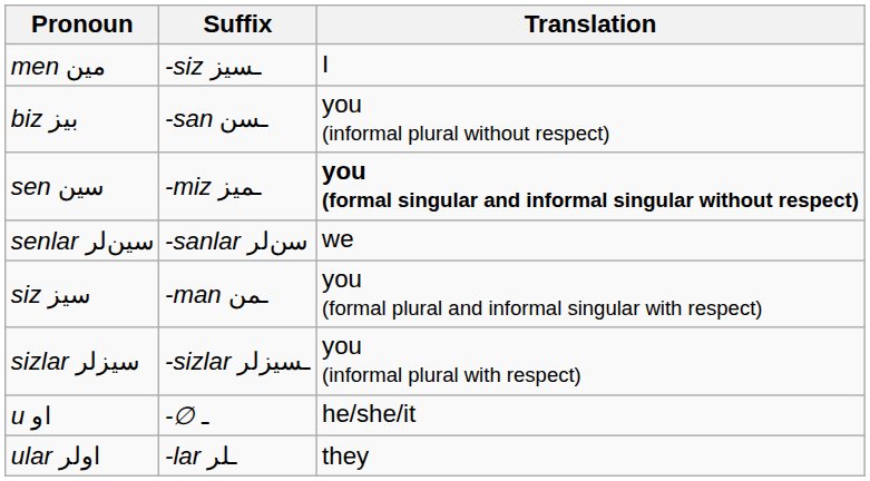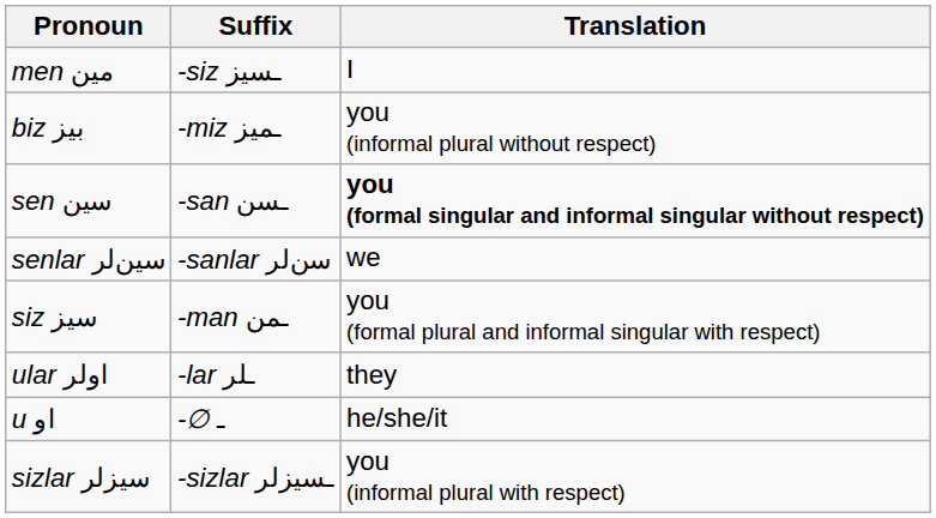 <table class="wikitable">
 <tr>
 <th>Pronoun</th>
 <th>Suffix</th>
 <th>Translation</th>
 </tr>
 <tr>
 <td><em>men</em> مین</td>
 <td><em>-siz</em> ـسیز</td>
 <td>I</td>
 </tr>
 <tr>
 <td><em>biz</em> بیز</td>
-<td><em>-san</em> ـسن</td>
+<td><em>-miz</em> ـمیز</td>
 <td>you<br><small>(informal plural without respect)</small></td>
 </tr>
 <tr>
 <td><em>sen</em> سین</td>
-<td><em>-miz</em> ـمیز</td>
+<td><em>-san</em> ـسن</td>
 <td><strong>you<br><small>(formal singular and informal singular without respect)</small></strong></td>
 </tr>
 <tr>
 <td><em>senlar</em> سین‌لر</td>
 <td><em>-sanlar</em> سن‌لر</td>
 <td>we</td>
 </tr>
 <tr>
 <td><em>siz</em> سیز</td>
 <td><em>-man</em> ـمن</td>
 <td>you<br><small>(formal plural and informal singular with respect)</small></td>
 </tr>
 <tr>
-<td><em>sizlar</em> سیزلر</td>
-<td><em>-sizlar</em> ـسیزلر</td>
-<td>you<br><small>(informal plural with respect)</small></td>
+<td><em>ular</em> اولر</td>
+<td><em>-lar</em> ـلر</td>
+<td>they</td>
 </tr>
 <tr>
 <td><em>u</em> او</td>
 <td><em>-∅</em> ـ</td>
 <td>he/she/it</td>
 </tr>
 <tr>
-<td><em>ular</em> اولر</td>
-<td><em>-lar</em> ـلر</td>
-<td>they</td>
+<td><em>sizlar</em> سیزلر</td>
+<td><em>-sizlar</em> ـسیزلر</td>
+<td>you<br><small>(informal plural with respect)</small></td>
 </tr>
 </table>
